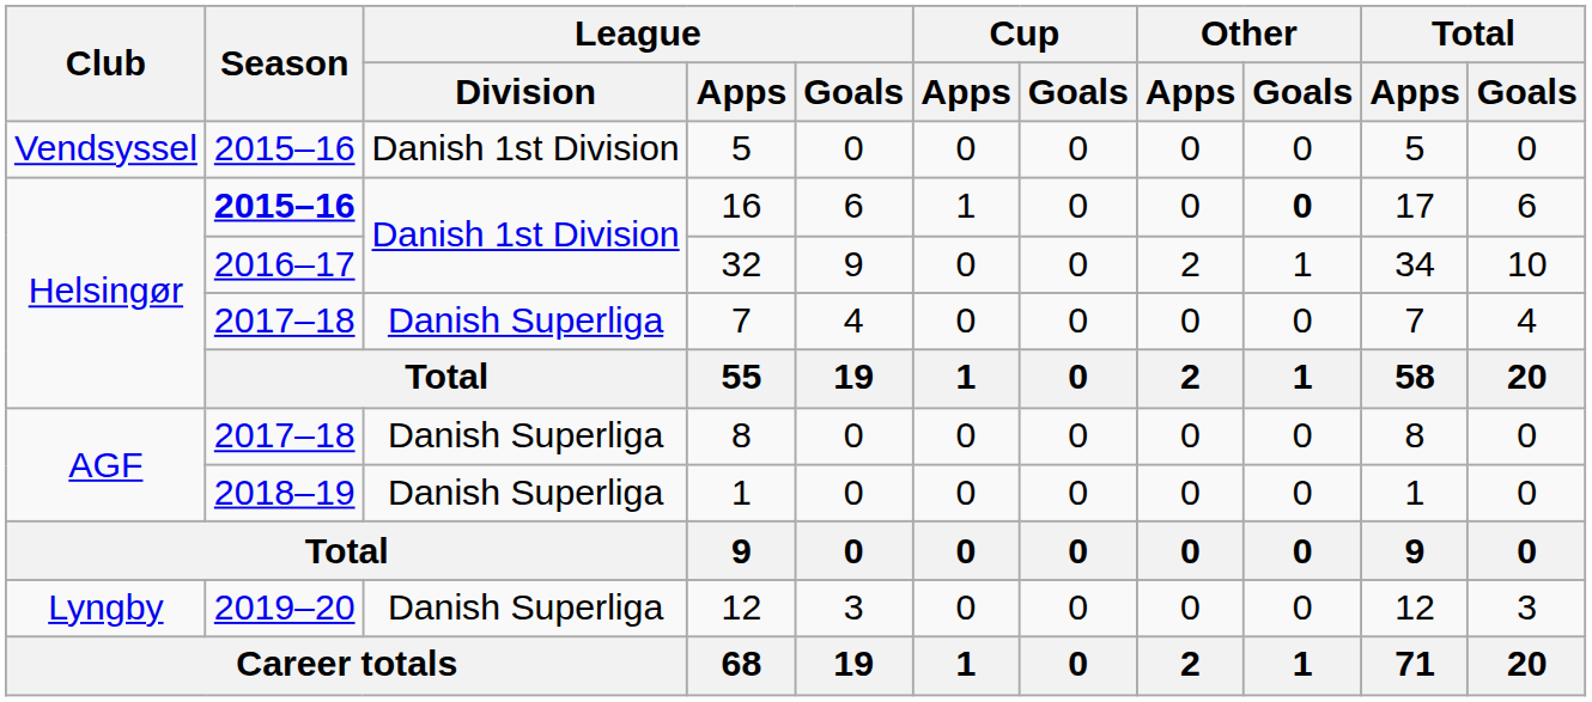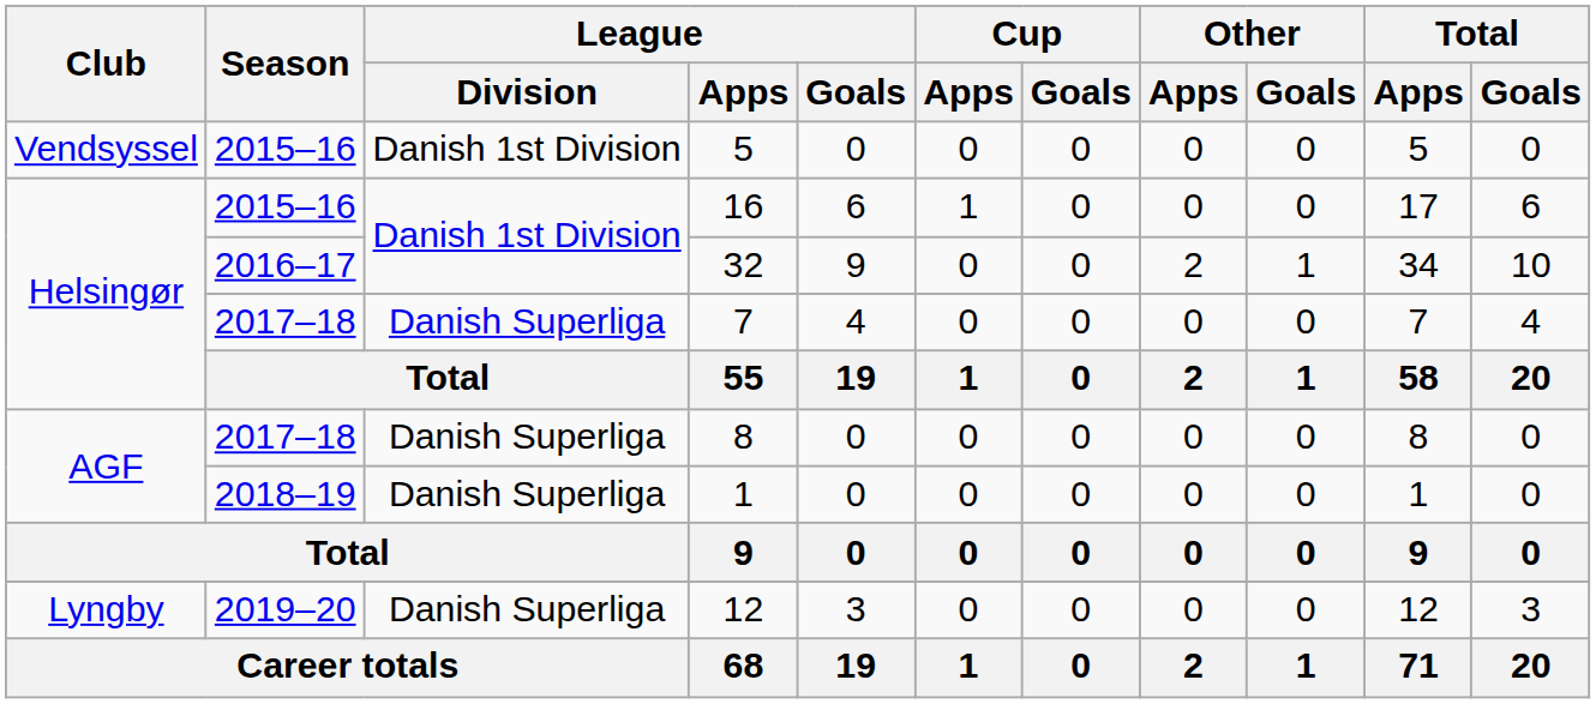 <table class="wikitable" style="text-align: center">
 <tr>
 <th rowspan=2>Club</th>
 <th rowspan=2>Season</th>
 <th colspan=3>League</th>
 <th colspan=2>Cup</th>
 <th colspan=2>Other</th>
 <th colspan=2>Total</th>
 </tr>
 <tr>
 <th>Division</th>
 <th>Apps</th>
 <th>Goals</th>
 <th>Apps</th>
 <th>Goals</th>
 <th>Apps</th>
 <th>Goals</th>
 <th>Apps</th>
 <th>Goals</th>
 </tr>
 <tr>
 <td><a href='#'>Vendsyssel</a></td>
 <td><a href='#'>2015–16</a></td>
 <td>Danish 1st Division</td>
 <td>5</td>
 <td>0</td>
 <td>0</td>
 <td>0</td>
 <td>0</td>
 <td>0</td>
 <td>5</td>
 <td>0</td>
 </tr>
 <tr>
 <td rowspan=4><a href='#'>Helsingør</a></td>
-<td><strong><a href='#'>2015–16</a></strong></td>
+<td><a href='#'>2015–16</a></td>
 <td rowspan=2><a href='#'>Danish 1st Division</a></td>
 <td>16</td>
 <td>6</td>
 <td>1</td>
 <td>0</td>
 <td>0</td>
-<td><strong>0</strong></td>
+<td>0</td>
 <td>17</td>
 <td>6</td>
 </tr>
 <tr>
 <td><a href='#'>2016–17</a></td>
 <td>32</td>
 <td>9</td>
 <td>0</td>
 <td>0</td>
 <td>2</td>
 <td>1</td>
 <td>34</td>
 <td>10</td>
 </tr>
 <tr>
 <td><a href='#'>2017–18</a></td>
 <td><a href='#'>Danish Superliga</a></td>
 <td>7</td>
 <td>4</td>
 <td>0</td>
 <td>0</td>
 <td>0</td>
 <td>0</td>
 <td>7</td>
 <td>4</td>
 </tr>
 <tr>
 <th colspan=2>Total</th>
 <th>55</th>
 <th>19</th>
 <th>1</th>
 <th>0</th>
 <th>2</th>
 <th>1</th>
 <th>58</th>
 <th>20</th>
 </tr>
 <tr>
 <td rowspan=2><a href='#'>AGF</a></td>
 <td><a href='#'>2017–18</a></td>
 <td>Danish Superliga</td>
 <td>8</td>
 <td>0</td>
 <td>0</td>
 <td>0</td>
 <td>0</td>
 <td>0</td>
 <td>8</td>
 <td>0</td>
 </tr>
 <tr>
 <td><a href='#'>2018–19</a></td>
 <td>Danish Superliga</td>
 <td>1</td>
 <td>0</td>
 <td>0</td>
 <td>0</td>
 <td>0</td>
 <td>0</td>
 <td>1</td>
 <td>0</td>
 </tr>
 <tr>
 <th colspan=3>Total</th>
 <th>9</th>
 <th>0</th>
 <th>0</th>
 <th>0</th>
 <th>0</th>
 <th>0</th>
 <th>9</th>
 <th>0</th>
 </tr>
 <tr>
 <td><a href='#'>Lyngby</a></td>
 <td><a href='#'>2019–20</a></td>
 <td>Danish Superliga</td>
 <td>12</td>
 <td>3</td>
 <td>0</td>
 <td>0</td>
 <td>0</td>
 <td>0</td>
 <td>12</td>
 <td>3</td>
 </tr>
 <tr>
 <th colspan=3>Career totals</th>
 <th>68</th>
 <th>19</th>
 <th>1</th>
 <th>0</th>
 <th>2</th>
 <th>1</th>
 <th>71</th>
 <th>20</th>
 </tr>
 </table>
